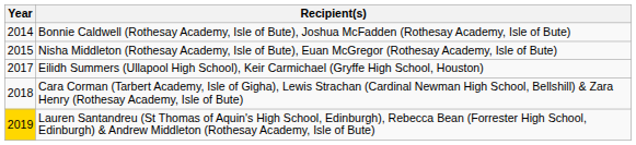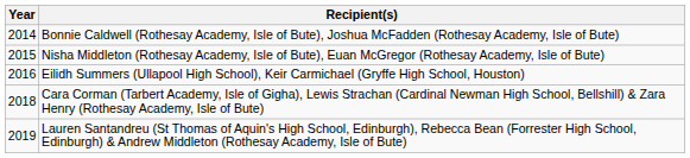 <table class="wikitable">
 <tr>
 <th>Year</th>
 <th>Recipient(s)</th>
 </tr>
 <tr>
 <td>2014</td>
 <td>Bonnie Caldwell (Rothesay Academy, Isle of Bute), Joshua McFadden (Rothesay Academy, Isle of Bute)</td>
 </tr>
 <tr>
 <td>2015</td>
 <td>Nisha Middleton (Rothesay Academy, Isle of Bute), Euan McGregor (Rothesay Academy, Isle of Bute)</td>
 </tr>
 <tr>
-<td>2017</td>
+<td>2016</td>
 <td>Eilidh Summers (Ullapool High School), Keir Carmichael (Gryffe High School, Houston)</td>
 </tr>
 <tr>
 <td>2018</td>
 <td>Cara Corman (Tarbert Academy, Isle of Gigha), Lewis Strachan (Cardinal Newman High School, Bellshill) & Zara Henry (Rothesay Academy, Isle of Bute)</td>
 </tr>
 <tr>
-<td style="background: gold;">2019</td>
+<td>2019</td>
 <td>Lauren Santandreu (St Thomas of Aquin's High School, Edinburgh), Rebecca Bean (Forrester High School, Edinburgh) & Andrew Middleton (Rothesay Academy, Isle of Bute)</td>
 </tr>
 </table>
